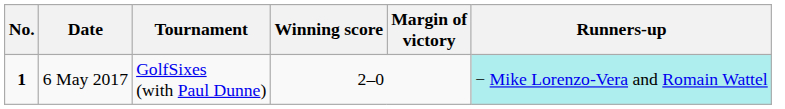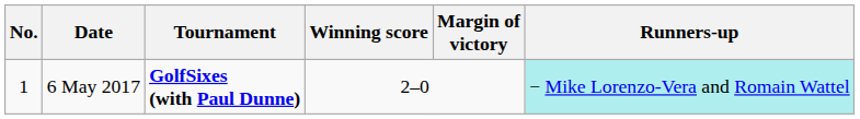 <table class="wikitable" style="font-size:95%;">
 <tr>
 <th>No.</th>
 <th>Date</th>
 <th>Tournament</th>
 <th>Winning score</th>
 <th>Margin of<br>victory</th>
 <th>Runners-up</th>
 </tr>
 <tr>
-<td align=center><strong>1</strong></td>
+<td align=center>1</td>
 <td align=right>6 May 2017</td>
-<td><a href='#'>GolfSixes</a><br>(with  <a href='#'>Paul Dunne</a>)</td>
+<td><strong><a href='#'>GolfSixes</a><br>(with  <a href='#'>Paul Dunne</a>)</strong></td>
 <td colspan="2" style="text-align:center;">2–0</td>
 <td style="background: paleturquoise;"> − <a href='#'>Mike Lorenzo-Vera</a> and <a href='#'>Romain Wattel</a></td>
 </tr>
 </table>
